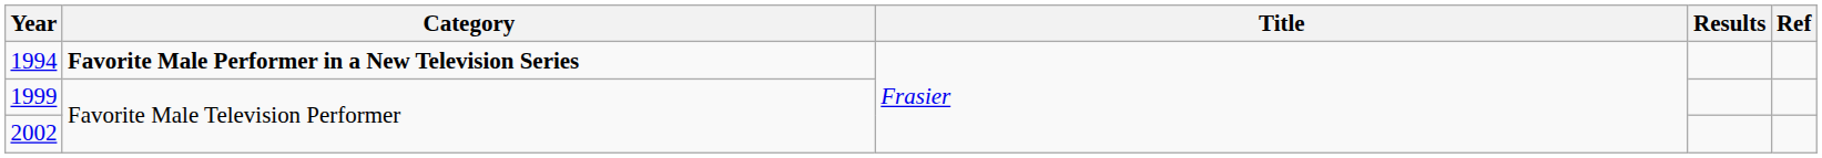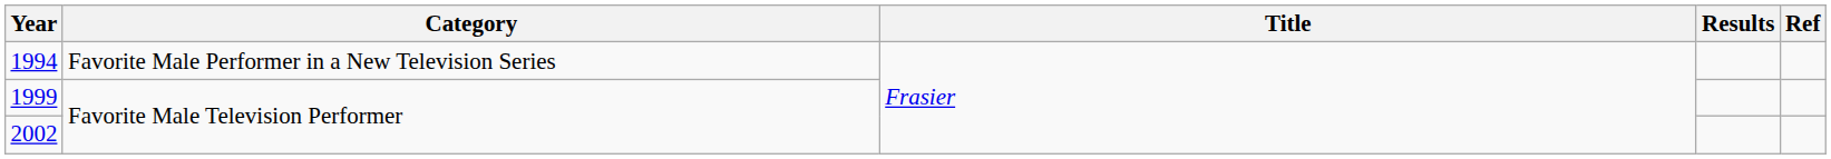 <table class="wikitable">
 <tr>
 <th scope="col" style="width:1em;">Year</th>
 <th scope="col" style="width:35em;">Category</th>
 <th scope="col" style="width:35em;">Title</th>
 <th scope="col" style="width:1em;">Results</th>
 <th scope="col" style="width:1em;">Ref</th>
 </tr>
 <tr>
 <td><a href='#'>1994</a></td>
-<td><strong>Favorite Male Performer in a New Television Series</strong></td>
+<td>Favorite Male Performer in a New Television Series</td>
 <td rowspan="3"><em><a href='#'>Frasier</a></em></td>
 <td></td>
 <td></td>
 </tr>
 <tr>
 <td><a href='#'>1999</a></td>
 <td rowspan="2">Favorite Male Television Performer</td>
 <td></td>
 <td></td>
 </tr>
 <tr>
 <td><a href='#'>2002</a></td>
 <td></td>
 <td></td>
 </tr>
 </table>
